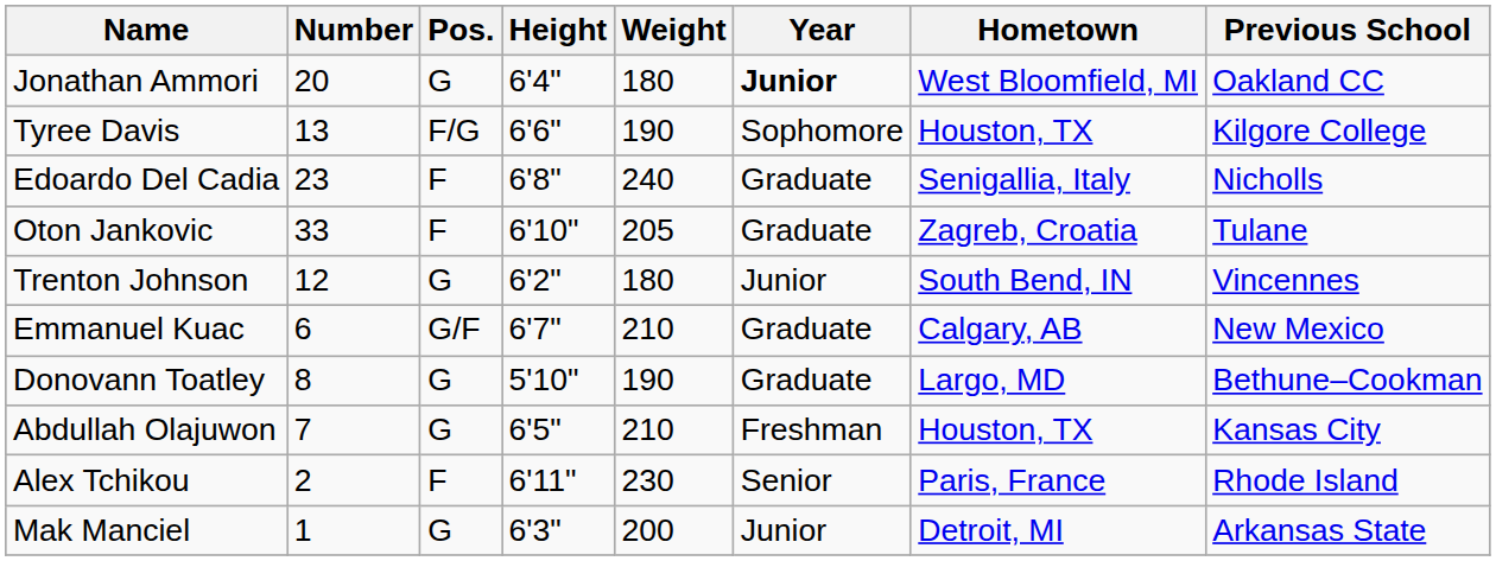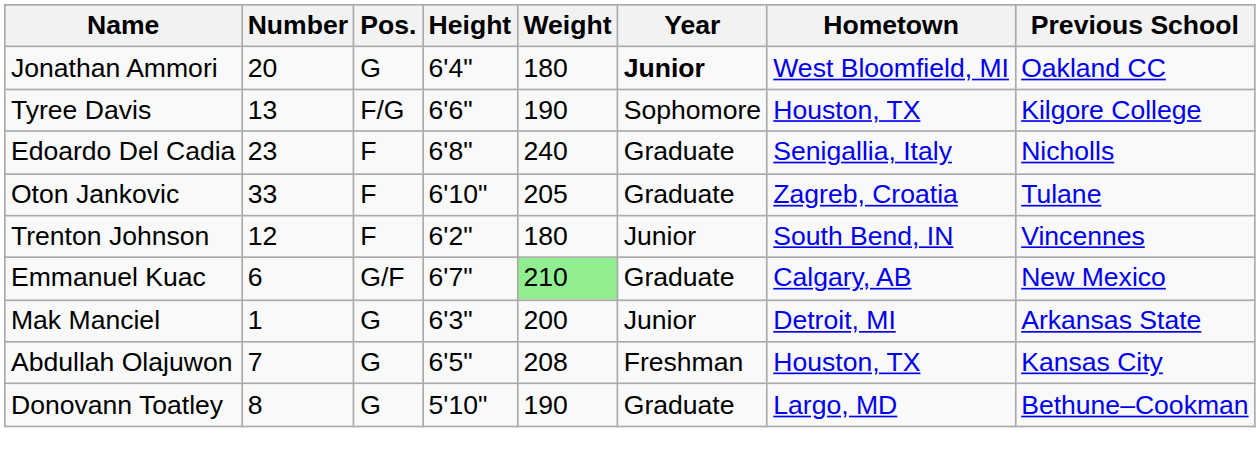 <table class="wikitable sortable" border="1">
 <tr>
 <th>Name</th>
 <th>Number</th>
 <th>Pos.</th>
 <th>Height</th>
 <th>Weight</th>
 <th>Year</th>
 <th>Hometown</th>
 <th>Previous School</th>
 </tr>
 <tr>
 <td>Jonathan Ammori</td>
 <td>20</td>
 <td>G</td>
 <td>6'4"</td>
 <td>180</td>
 <td><strong>Junior</strong></td>
 <td><a href='#'>West Bloomfield, MI</a></td>
 <td><a href='#'>Oakland CC</a></td>
 </tr>
 <tr>
 <td>Tyree Davis</td>
 <td>13</td>
 <td>F/G</td>
 <td>6'6"</td>
 <td>190</td>
 <td>Sophomore</td>
 <td><a href='#'>Houston, TX</a></td>
 <td><a href='#'>Kilgore College</a></td>
 </tr>
 <tr>
 <td>Edoardo Del Cadia</td>
 <td>23</td>
 <td>F</td>
 <td>6'8"</td>
 <td>240</td>
 <td>Graduate</td>
 <td><a href='#'>Senigallia, Italy</a></td>
 <td><a href='#'>Nicholls</a></td>
 </tr>
 <tr>
 <td>Oton Jankovic</td>
 <td>33</td>
 <td>F</td>
 <td>6'10"</td>
 <td>205</td>
 <td>Graduate</td>
 <td><a href='#'>Zagreb, Croatia</a></td>
 <td><a href='#'>Tulane</a></td>
 </tr>
 <tr>
 <td>Trenton Johnson</td>
 <td>12</td>
-<td>G</td>
+<td>F</td>
 <td>6'2"</td>
 <td>180</td>
 <td>Junior</td>
 <td><a href='#'>South Bend, IN</a></td>
 <td><a href='#'>Vincennes</a></td>
 </tr>
 <tr>
 <td>Emmanuel Kuac</td>
 <td>6</td>
 <td>G/F</td>
 <td>6'7"</td>
-<td>210</td>
+<td style="background: lightgreen;">210</td>
 <td>Graduate</td>
 <td><a href='#'>Calgary, AB</a></td>
 <td><a href='#'>New Mexico</a></td>
+</tr>
+<tr>
+<td>Mak Manciel</td>
+<td>1</td>
+<td>G</td>
+<td>6'3"</td>
+<td>200</td>
+<td>Junior</td>
+<td><a href='#'>Detroit, MI</a></td>
+<td><a href='#'>Arkansas State</a></td>
+</tr>
+<tr>
+<td>Abdullah Olajuwon</td>
+<td>7</td>
+<td>G</td>
+<td>6'5"</td>
+<td>208</td>
+<td> Freshman</td>
+<td><a href='#'>Houston, TX</a></td>
+<td><a href='#'>Kansas City</a></td>
 </tr>
 <tr>
 <td>Donovann Toatley</td>
 <td>8</td>
 <td>G</td>
 <td>5'10"</td>
 <td>190</td>
 <td>Graduate</td>
 <td><a href='#'>Largo, MD</a></td>
 <td><a href='#'>Bethune–Cookman</a></td>
 </tr>
-<tr>
-<td>Abdullah Olajuwon</td>
-<td>7</td>
-<td>G</td>
-<td>6'5"</td>
-<td>210</td>
-<td> Freshman</td>
-<td><a href='#'>Houston, TX</a></td>
-<td><a href='#'>Kansas City</a></td>
-</tr>
-<tr>
-<td>Alex Tchikou</td>
-<td>2</td>
-<td>F</td>
-<td>6'11"</td>
-<td>230</td>
-<td>Senior</td>
-<td><a href='#'>Paris, France</a></td>
-<td><a href='#'>Rhode Island</a></td>
-</tr>
-<tr>
-<td>Mak Manciel</td>
-<td>1</td>
-<td>G</td>
-<td>6'3"</td>
-<td>200</td>
-<td>Junior</td>
-<td><a href='#'>Detroit, MI</a></td>
-<td><a href='#'>Arkansas State</a></td>
-</tr>
 </table>
